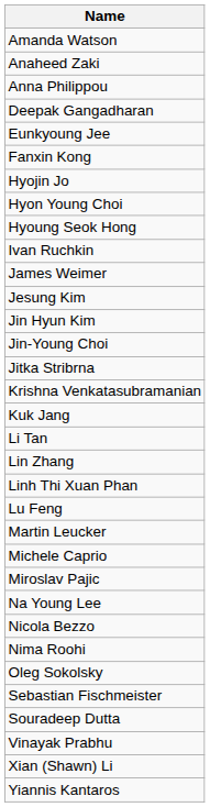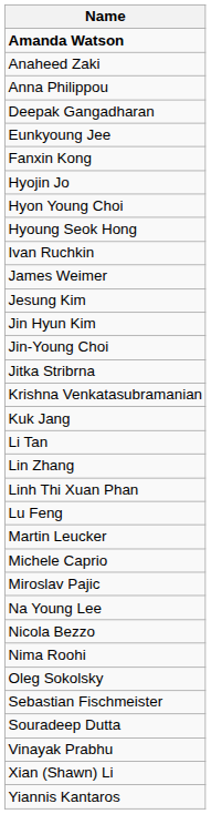 <table class="wikitable sortable mw-collapsible mw-collapsed">
 <tr>
 <th>Name</th>
 </tr>
 <tr>
-<td>Amanda  Watson</td>
+<td><strong>Amanda  Watson</strong></td>
 </tr>
 <tr>
 <td>Anaheed Zaki</td>
 </tr>
 <tr>
 <td>Anna Philippou</td>
 </tr>
 <tr>
 <td>Deepak Gangadharan</td>
 </tr>
 <tr>
 <td>Eunkyoung Jee</td>
 </tr>
 <tr>
 <td>Fanxin Kong  </td>
 </tr>
 <tr>
 <td>Hyojin Jo  </td>
 </tr>
 <tr>
 <td>Hyon Young Choi</td>
 </tr>
 <tr>
 <td>Hyoung Seok Hong</td>
 </tr>
 <tr>
 <td>Ivan Ruchkin</td>
 </tr>
 <tr>
 <td>James Weimer  </td>
 </tr>
 <tr>
 <td>Jesung Kim</td>
 </tr>
 <tr>
 <td>Jin Hyun Kim</td>
 </tr>
 <tr>
 <td>Jin-Young Choi</td>
 </tr>
 <tr>
 <td>Jitka Stribrna</td>
 </tr>
 <tr>
 <td>Krishna Venkatasubramanian</td>
 </tr>
 <tr>
 <td>Kuk Jang</td>
 </tr>
 <tr>
 <td>Li Tan</td>
 </tr>
 <tr>
 <td>Lin Zhang</td>
 </tr>
 <tr>
 <td>Linh Thi Xuan Phan</td>
 </tr>
 <tr>
 <td>Lu Feng</td>
 </tr>
 <tr>
 <td>Martin Leucker</td>
 </tr>
 <tr>
 <td>Michele Caprio</td>
 </tr>
 <tr>
 <td>Miroslav Pajic</td>
 </tr>
 <tr>
 <td>Na Young Lee</td>
 </tr>
 <tr>
 <td>Nicola Bezzo  </td>
 </tr>
 <tr>
 <td>Nima Roohi</td>
 </tr>
 <tr>
 <td>Oleg Sokolsky</td>
 </tr>
 <tr>
 <td>Sebastian Fischmeister</td>
 </tr>
 <tr>
 <td>Souradeep Dutta  </td>
 </tr>
 <tr>
 <td>Vinayak Prabhu</td>
 </tr>
 <tr>
 <td>Xian (Shawn) Li</td>
 </tr>
 <tr>
 <td>Yiannis Kantaros  </td>
 </tr>
 </table>
